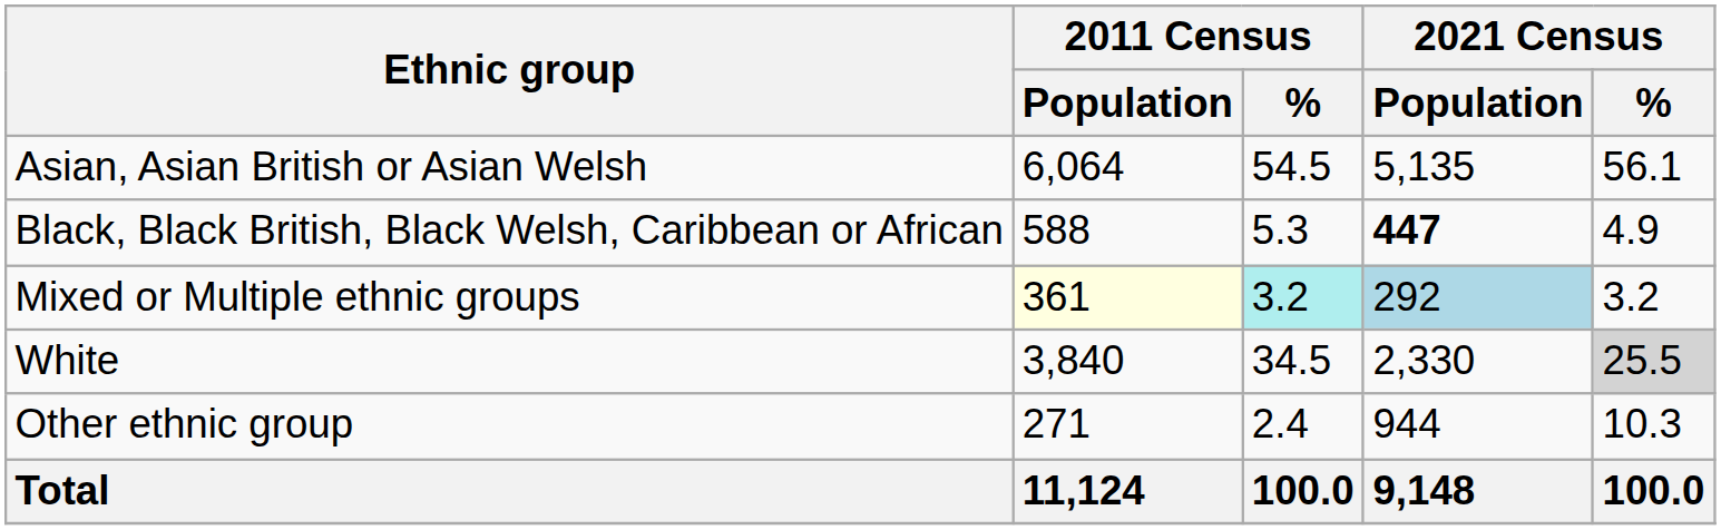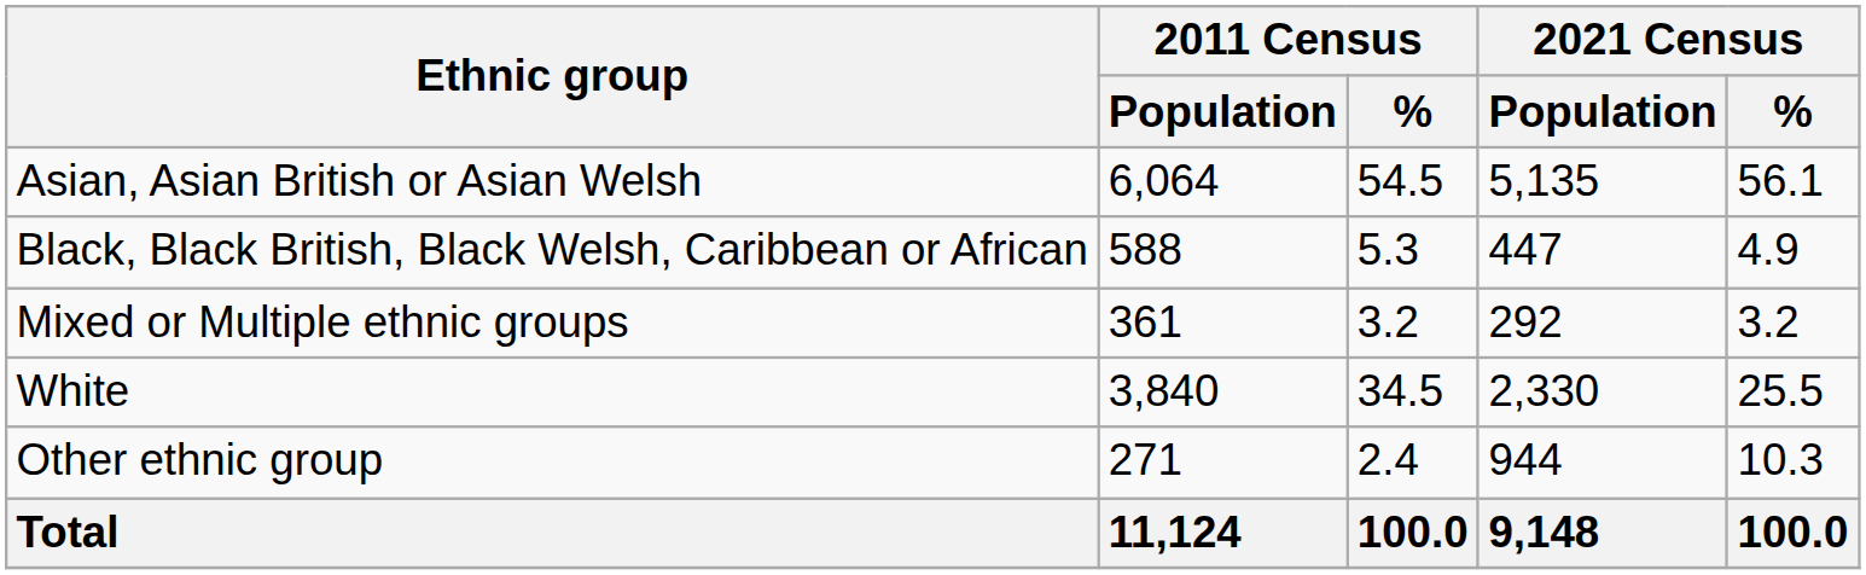 <table class="wikitable floatleft">
 <tr>
 <th rowspan="2">Ethnic group</th>
 <th colspan="2">2011 Census</th>
 <th colspan="2">2021 Census</th>
 </tr>
 <tr>
 <th>Population</th>
 <th>%</th>
 <th>Population</th>
 <th>%</th>
 </tr>
 <tr>
 <td>Asian, Asian British or Asian Welsh</td>
 <td>6,064</td>
 <td>54.5</td>
 <td>5,135</td>
 <td>56.1</td>
 </tr>
 <tr>
 <td>Black, Black British, Black Welsh, Caribbean or African</td>
 <td>588</td>
 <td>5.3</td>
-<td><strong>447</strong></td>
+<td>447</td>
 <td>4.9</td>
 </tr>
 <tr>
 <td>Mixed or Multiple ethnic groups</td>
-<td style="background: lightyellow;">361</td>
-<td style="background: paleturquoise;">3.2</td>
-<td style="background: lightblue;">292</td>
+<td>361</td>
+<td>3.2</td>
+<td>292</td>
 <td>3.2</td>
 </tr>
 <tr>
 <td>White</td>
 <td>3,840</td>
 <td>34.5</td>
 <td>2,330</td>
-<td style="background: lightgrey;">25.5</td>
+<td>25.5</td>
 </tr>
 <tr>
 <td>Other ethnic group</td>
 <td>271</td>
 <td>2.4</td>
 <td>944</td>
 <td>10.3</td>
 </tr>
 <tr>
 <th style="text-align:left">Total</th>
 <th style="text-align:left">11,124</th>
 <th style="text-align:left">100.0</th>
 <th style="text-align:left">9,148</th>
 <th style="text-align:left">100.0</th>
 </tr>
 <tr>
 </tr>
 </table>
